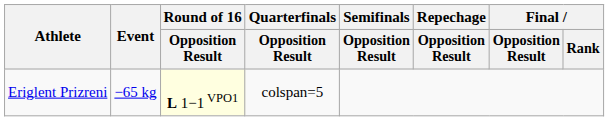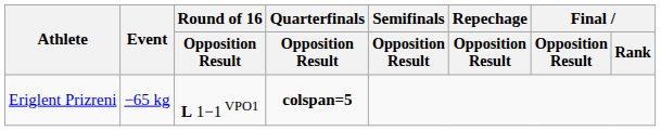 <table class="wikitable" style="text-align:center; font-size:90%">
 <tr>
 <th rowspan=2>Athlete</th>
 <th rowspan=2>Event</th>
 <th>Round of 16</th>
 <th>Quarterfinals</th>
 <th>Semifinals</th>
 <th>Repechage</th>
 <th colspan=2>Final / </th>
 </tr>
 <tr style="font-size: 95%">
 <th>Opposition<br>Result</th>
 <th>Opposition<br>Result</th>
 <th>Opposition<br>Result</th>
 <th>Opposition<br>Result</th>
 <th>Opposition<br>Result</th>
 <th>Rank</th>
 </tr>
 <tr>
 <td align=left><a href='#'>Eriglent Prizreni</a></td>
 <td align=left><a href='#'>−65 kg</a></td>
-<td style="background: lightyellow;"><br><strong>L</strong> 1−1<sup> VPO1</sup></td>
-<td>colspan=5 </td>
+<td><br><strong>L</strong> 1−1<sup> VPO1</sup></td>
+<td><strong>colspan=5 </strong></td>
 </tr>
 </table>
